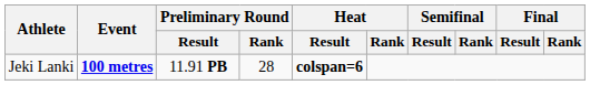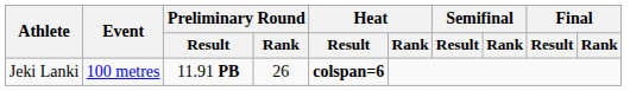 <table class=wikitable style=font-size:90%>
 <tr>
 <th rowspan=2>Athlete</th>
 <th rowspan=2>Event</th>
 <th colspan=2>Preliminary Round</th>
 <th colspan=2>Heat</th>
 <th colspan=2>Semifinal</th>
 <th colspan=2>Final</th>
 </tr>
 <tr style=font-size:95%>
 <th>Result</th>
 <th>Rank</th>
 <th>Result</th>
 <th>Rank</th>
 <th>Result</th>
 <th>Rank</th>
 <th>Result</th>
 <th>Rank</th>
 </tr>
 <tr align=center>
 <td align=left>Jeki Lanki</td>
-<td align=left><strong><a href='#'>100 metres</a></strong></td>
+<td align=left><a href='#'>100 metres</a></td>
 <td>11.91 <strong>PB</strong></td>
-<td>28</td>
+<td>26</td>
 <td><strong>colspan=6 </strong></td>
 </tr>
 </table>
